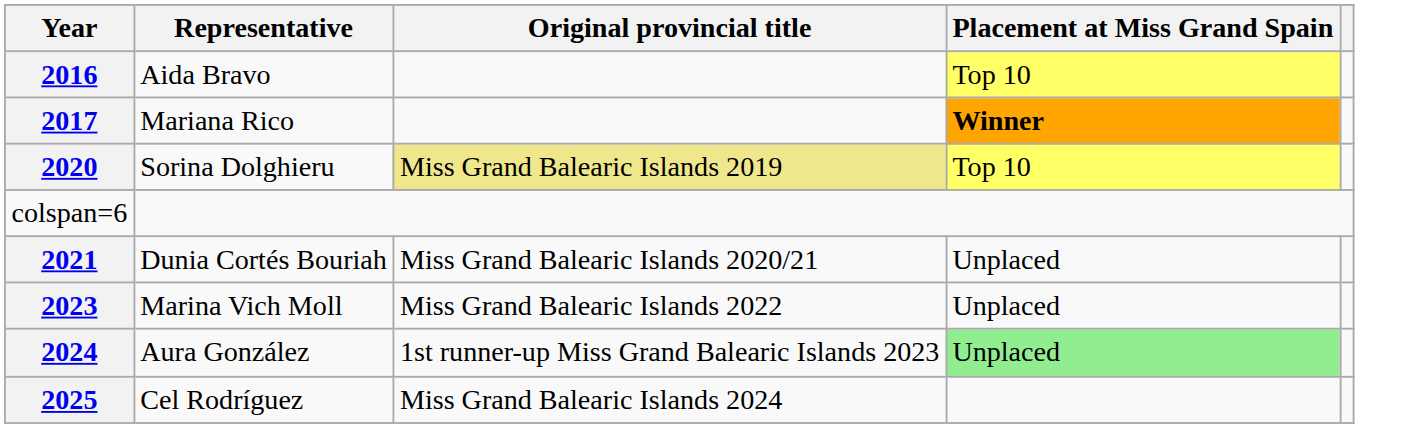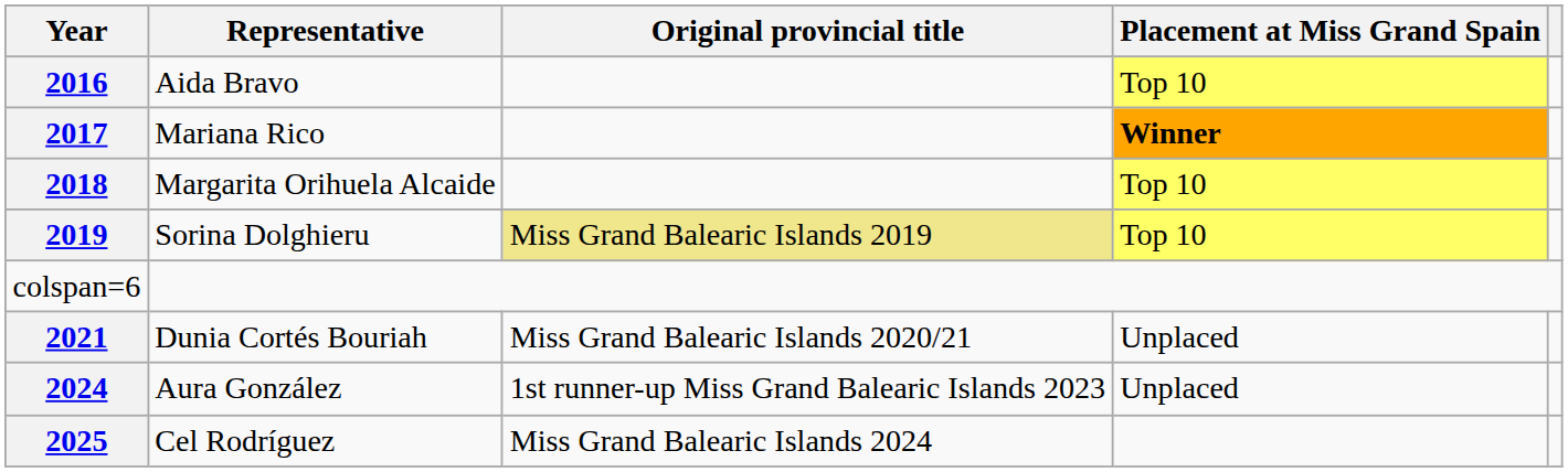 <table class="wikitable defaultcenter col2left" style="font-size:95%;">
 <tr>
 <th>Year</th>
 <th>Representative</th>
 <th>Original provincial title</th>
 <th>Placement at Miss Grand Spain</th>
 <th></th>
 </tr>
 <tr>
 <th><a href='#'>2016</a></th>
 <td>Aida Bravo</td>
 <td></td>
 <td bgcolor=#FFFF66>Top 10</td>
 <td></td>
 </tr>
 <tr>
 <th><a href='#'>2017</a></th>
 <td>Mariana Rico</td>
 <td></td>
 <td bgcolor=orange><strong>Winner</strong></td>
 <td></td>
 </tr>
 <tr>
-<th><a href='#'>2020</a></th>
+<th><a href='#'>2018</a></th>
+<td>Margarita Orihuela Alcaide</td>
+<td></td>
+<td bgcolor=#FFFF66>Top 10</td>
+<td></td>
+</tr>
+<tr>
+<th><a href='#'>2019</a></th>
 <td>Sorina Dolghieru</td>
 <td style="background: khaki;">Miss Grand Balearic Islands 2019</td>
 <td bgcolor=#FFFF66>Top 10</td>
 <td></td>
 </tr>
 <tr>
 <td>colspan=6 </td>
 </tr>
 <tr>
 <th><a href='#'>2021</a></th>
 <td>Dunia Cortés Bouriah</td>
 <td>Miss Grand Balearic Islands 2020/21</td>
 <td>Unplaced</td>
 <td></td>
 </tr>
 <tr>
-<th><a href='#'>2023</a></th>
-<td>Marina Vich Moll</td>
-<td>Miss Grand Balearic Islands 2022</td>
-<td>Unplaced</td>
-<td></td>
-</tr>
-<tr>
 <th><a href='#'>2024</a></th>
 <td>Aura González</td>
 <td>1st runner-up Miss Grand Balearic Islands 2023</td>
-<td style="background: lightgreen;">Unplaced</td>
+<td>Unplaced</td>
 <td></td>
 </tr>
 <tr>
 <th><a href='#'>2025</a></th>
 <td>Cel Rodríguez</td>
 <td>Miss Grand Balearic Islands 2024</td>
 <td></td>
 <td></td>
 </tr>
 </table>
